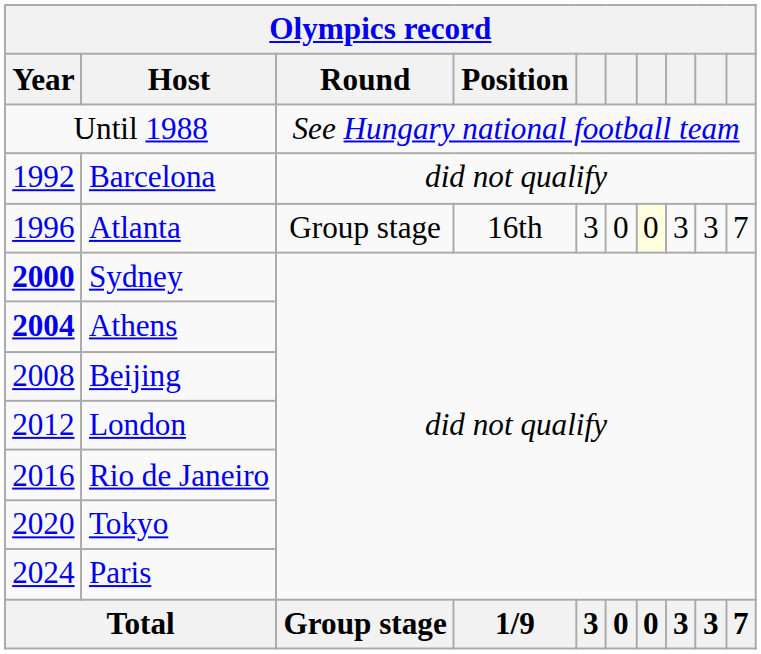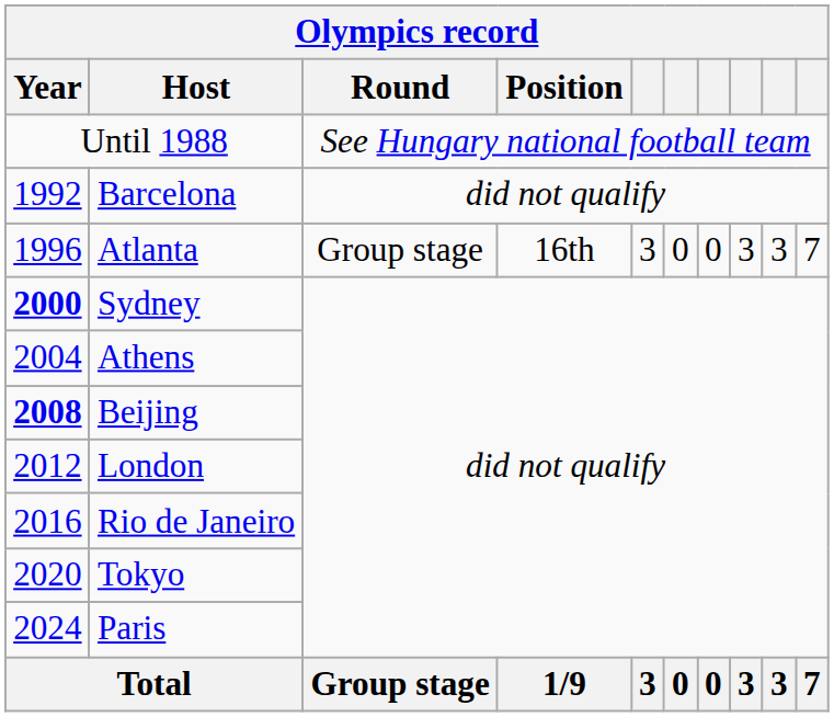 <table class="wikitable" style="text-align: center">
 <tr>
 <th colspan=10><a href='#'>Olympics record</a></th>
 </tr>
 <tr>
 <th>Year</th>
 <th>Host</th>
 <th>Round</th>
 <th>Position</th>
 <th></th>
 <th></th>
 <th></th>
 <th></th>
 <th></th>
 <th></th>
 </tr>
 <tr>
 <td colspan=2>Until <a href='#'>1988</a></td>
 <td colspan=8><em>See <a href='#'>Hungary national football team</a></em></td>
 </tr>
 <tr>
 <td><a href='#'>1992</a></td>
 <td align=left> <a href='#'>Barcelona</a></td>
 <td colspan=8><em>did not qualify</em></td>
 </tr>
 <tr>
 <td><a href='#'>1996</a></td>
 <td align=left> <a href='#'>Atlanta</a></td>
 <td>Group stage</td>
 <td>16th</td>
 <td>3</td>
 <td>0</td>
-<td style="background: lightyellow;">0</td>
+<td>0</td>
 <td>3</td>
 <td>3</td>
 <td>7</td>
 </tr>
 <tr>
 <td><strong><a href='#'>2000</a></strong></td>
 <td align=left> <a href='#'>Sydney</a></td>
 <td rowspan=7 colspan=8><em>did not qualify</em></td>
 </tr>
 <tr>
-<td><strong><a href='#'>2004</a></strong></td>
+<td><a href='#'>2004</a></td>
 <td align=left> <a href='#'>Athens</a></td>
 </tr>
 <tr>
-<td><a href='#'>2008</a></td>
+<td><strong><a href='#'>2008</a></strong></td>
 <td align=left> <a href='#'>Beijing</a></td>
 </tr>
 <tr>
 <td><a href='#'>2012</a></td>
 <td align=left> <a href='#'>London</a></td>
 </tr>
 <tr>
 <td><a href='#'>2016</a></td>
 <td align=left> <a href='#'>Rio de Janeiro</a></td>
 </tr>
 <tr>
 <td><a href='#'>2020</a></td>
 <td align=left> <a href='#'>Tokyo</a></td>
 </tr>
 <tr>
 <td><a href='#'>2024</a></td>
 <td align=left> <a href='#'>Paris</a></td>
 </tr>
 <tr>
 <th colspan=2>Total</th>
 <th>Group stage</th>
 <th>1/9</th>
 <th>3</th>
 <th>0</th>
 <th>0</th>
 <th>3</th>
 <th>3</th>
 <th>7</th>
 </tr>
 </table>
